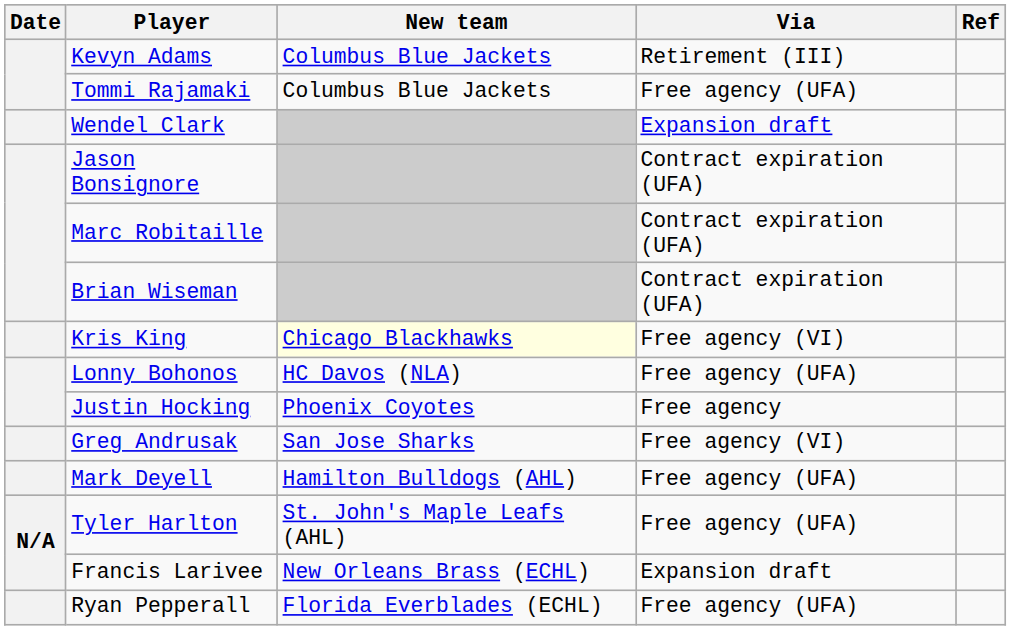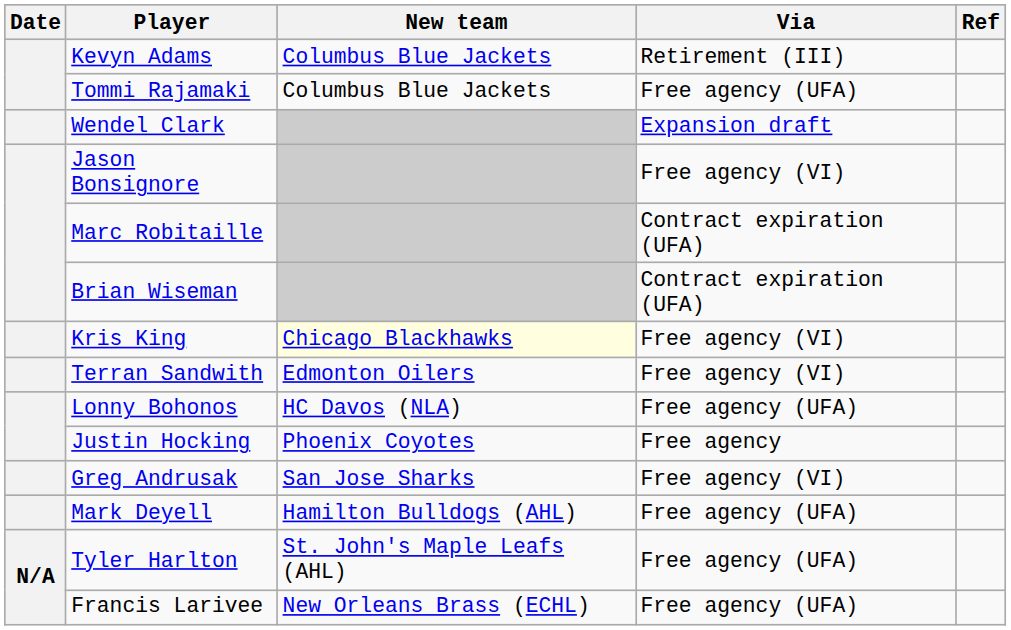 <table class="wikitable plainrowheaders">
 <tr style="background:#ddd; text-align:center;">
 <th>Date</th>
 <th>Player</th>
 <th>New team</th>
 <th>Via</th>
 <th>Ref</th>
 </tr>
 <tr>
 <th scope="row" rowspan=2></th>
 <td><a href='#'>Kevyn Adams</a></td>
 <td><a href='#'>Columbus Blue Jackets</a></td>
 <td>Retirement (III)</td>
 <td></td>
 </tr>
 <tr>
 <td><a href='#'>Tommi Rajamaki</a></td>
 <td>Columbus Blue Jackets</td>
 <td>Free agency (UFA)</td>
 <td></td>
 </tr>
 <tr>
 <th scope="row"></th>
 <td><a href='#'>Wendel Clark</a></td>
 <td style="background:#ccc"></td>
 <td><a href='#'>Expansion draft</a></td>
 <td></td>
 </tr>
 <tr>
 <th scope="row" rowspan=3></th>
 <td><a href='#'>Jason Bonsignore</a></td>
 <td style="background:#ccc"></td>
-<td>Contract expiration (UFA)</td>
+<td>Free agency (VI)</td>
 <td></td>
 </tr>
 <tr>
 <td><a href='#'>Marc Robitaille</a></td>
 <td style="background:#ccc"></td>
 <td>Contract expiration (UFA)</td>
 <td></td>
 </tr>
 <tr>
 <td><a href='#'>Brian Wiseman</a></td>
 <td style="background:#ccc"></td>
 <td>Contract expiration (UFA)</td>
 <td></td>
 </tr>
 <tr>
 <th scope="row"></th>
 <td><a href='#'>Kris King</a></td>
 <td style="background: lightyellow;"><a href='#'>Chicago Blackhawks</a></td>
+<td>Free agency (VI)</td>
+<td></td>
+</tr>
+<tr>
+<th scope="row"></th>
+<td><a href='#'>Terran Sandwith</a></td>
+<td><a href='#'>Edmonton Oilers</a></td>
 <td>Free agency (VI)</td>
 <td></td>
 </tr>
 <tr>
 <th scope="row" rowspan=2></th>
 <td><a href='#'>Lonny Bohonos</a></td>
 <td><a href='#'>HC Davos</a> (<a href='#'>NLA</a>)</td>
 <td>Free agency (UFA)</td>
 <td></td>
 </tr>
 <tr>
 <td><a href='#'>Justin Hocking</a></td>
 <td><a href='#'>Phoenix Coyotes</a></td>
 <td>Free agency</td>
 <td></td>
 </tr>
 <tr>
 <th scope="row"></th>
 <td><a href='#'>Greg Andrusak</a></td>
 <td><a href='#'>San Jose Sharks</a></td>
 <td>Free agency (VI)</td>
 <td></td>
 </tr>
 <tr>
 <th scope="row"></th>
 <td><a href='#'>Mark Deyell</a></td>
 <td><a href='#'>Hamilton Bulldogs</a>  (<a href='#'>AHL</a>)</td>
 <td>Free agency (UFA)</td>
 <td></td>
 </tr>
 <tr>
 <th scope="row" rowspan=2>N/A</th>
 <td><a href='#'>Tyler Harlton</a></td>
 <td><a href='#'>St. John's Maple Leafs</a> (AHL)</td>
 <td>Free agency (UFA)</td>
 <td></td>
 </tr>
 <tr>
 <td>Francis Larivee</td>
 <td><a href='#'>New Orleans Brass</a> (<a href='#'>ECHL</a>)</td>
-<td>Expansion draft</td>
-<td></td>
-</tr>
-<tr>
-<th scope="row"></th>
-<td>Ryan Pepperall</td>
-<td><a href='#'>Florida Everblades</a> (ECHL)</td>
 <td>Free agency (UFA)</td>
 <td></td>
 </tr>
 </table>
